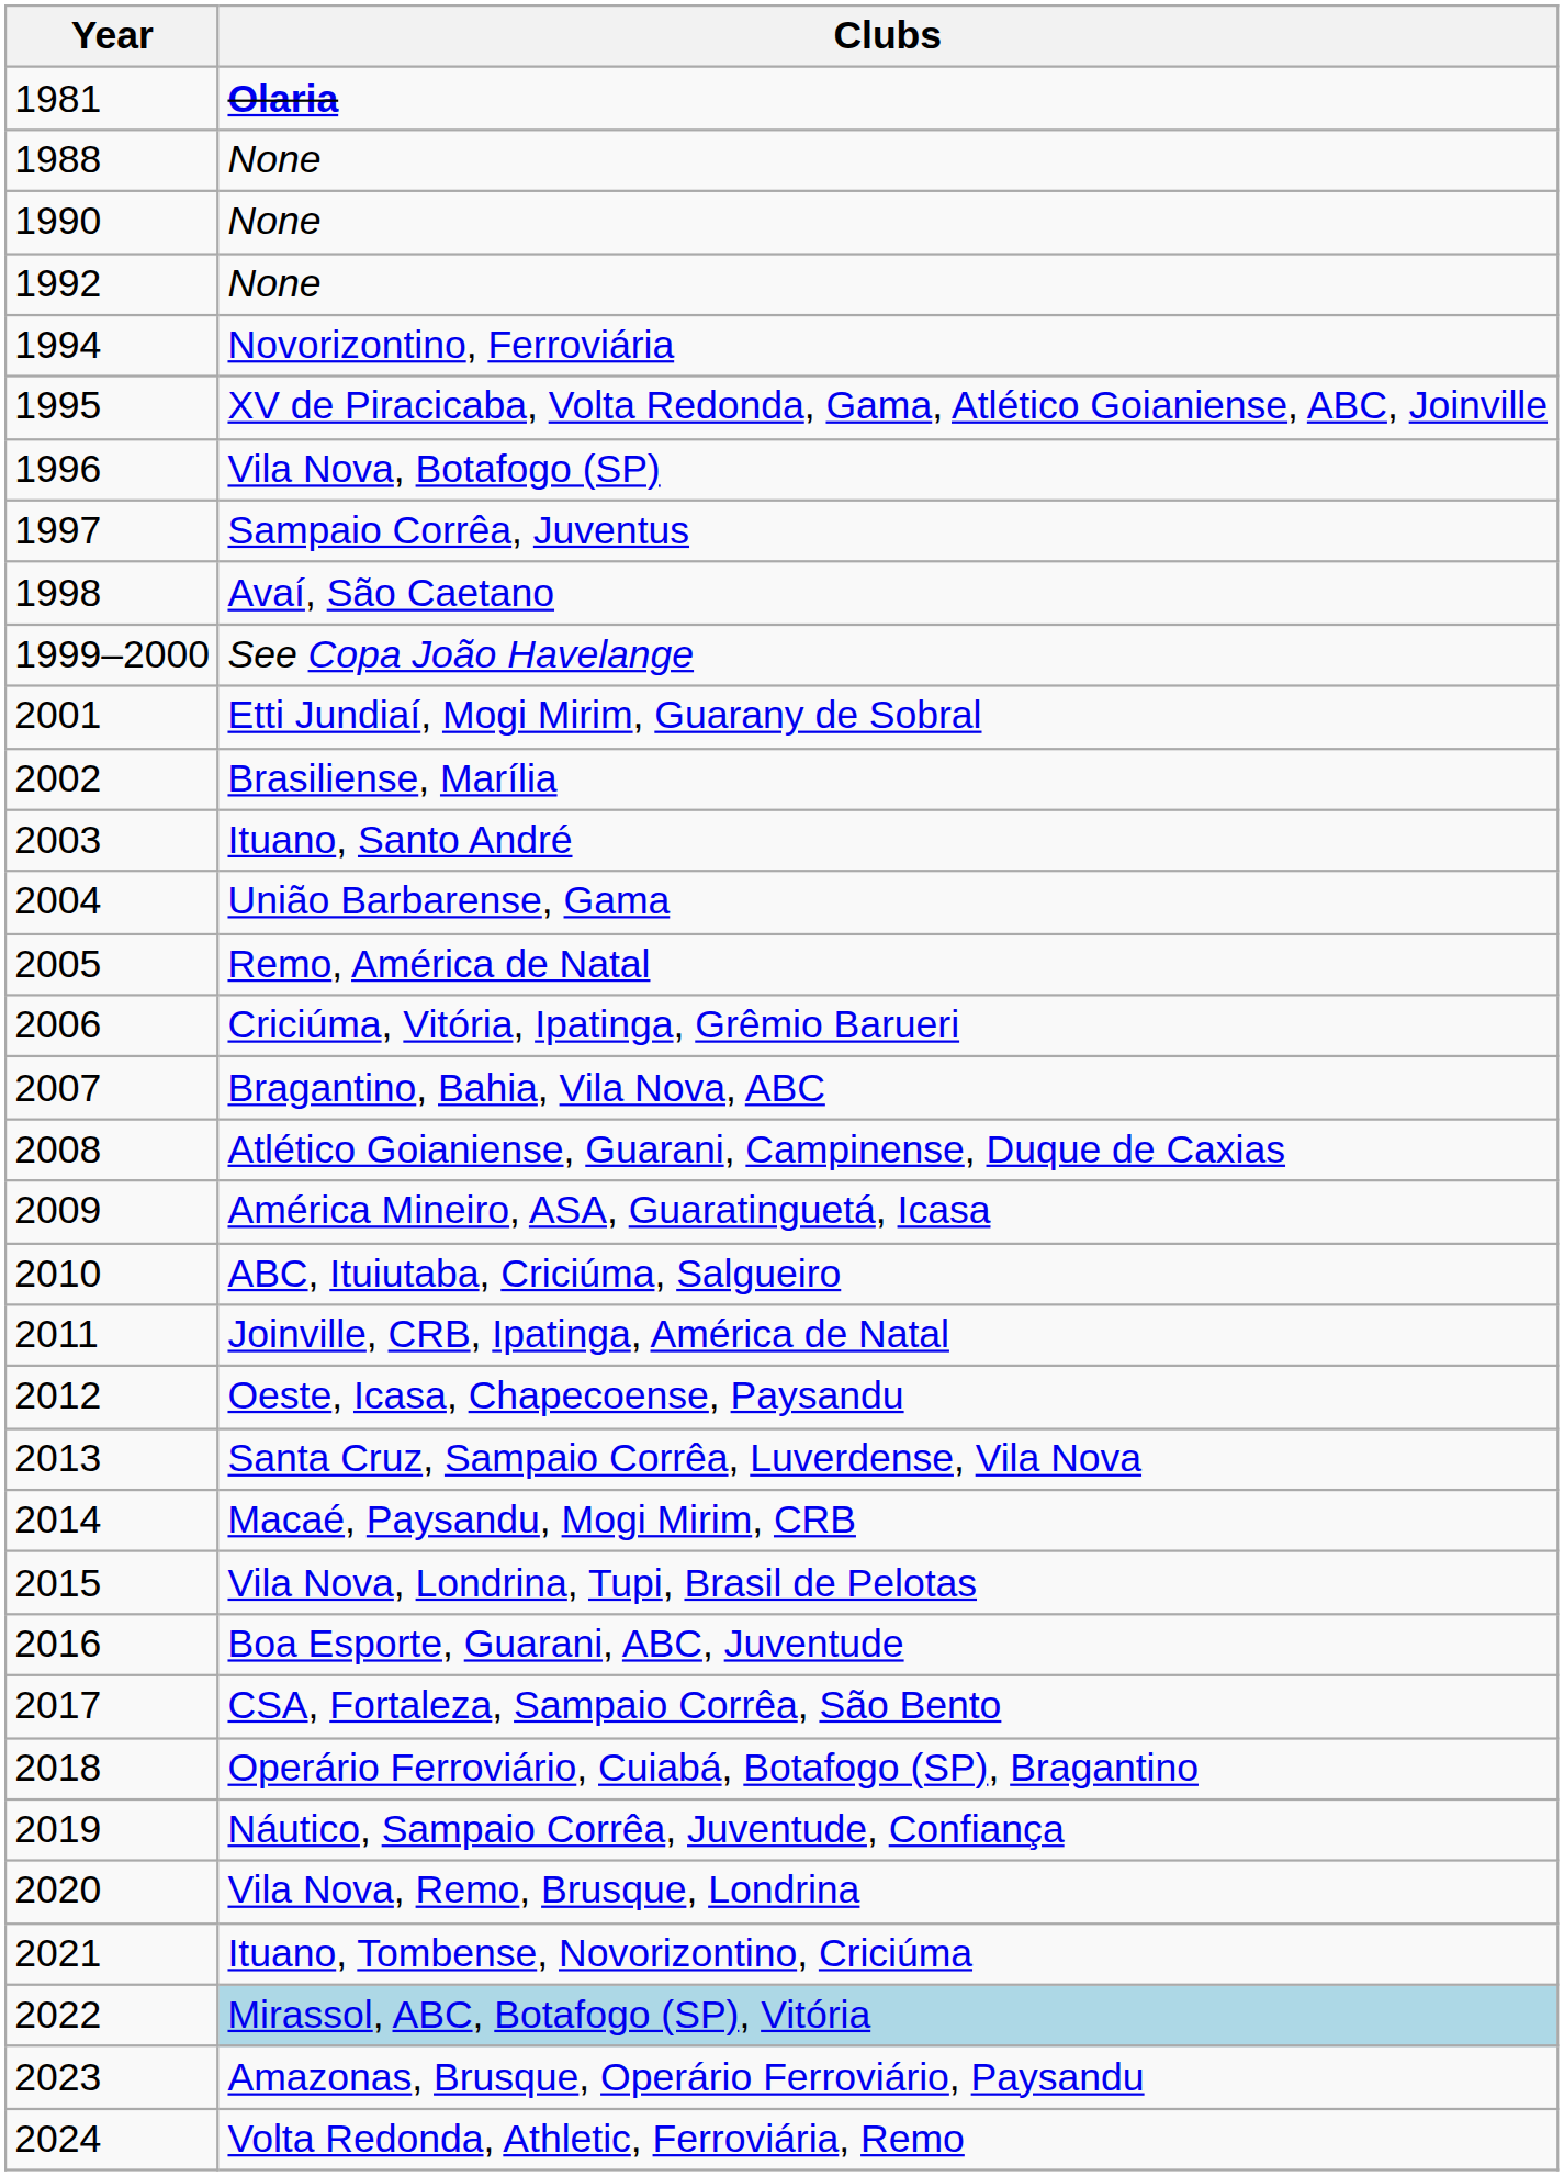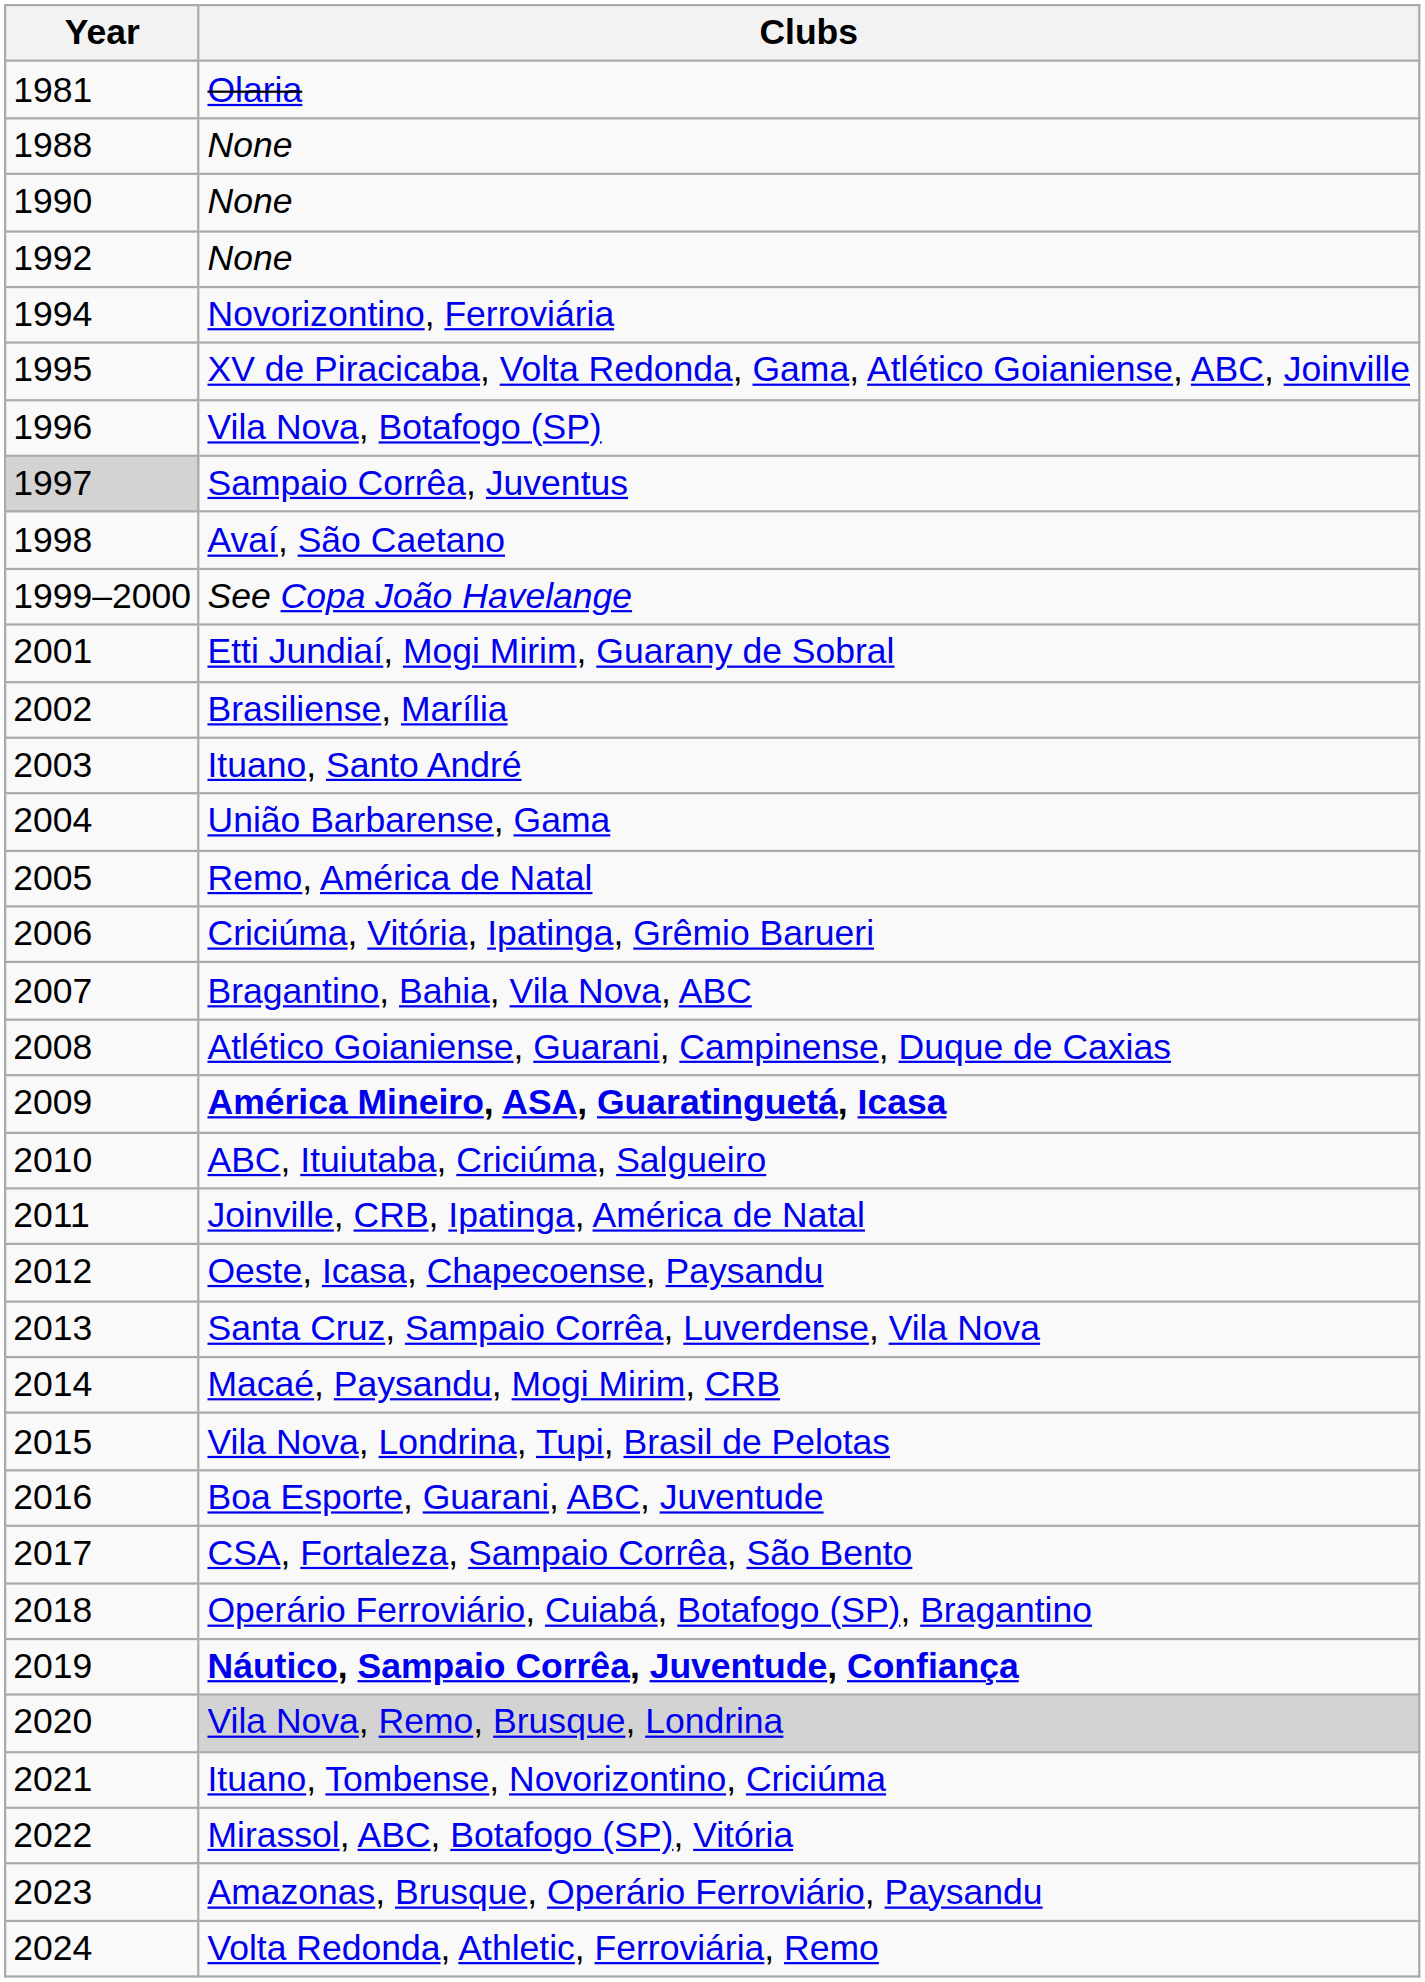 <table class="wikitable">
 <tr>
 <th>Year</th>
 <th>Clubs</th>
 </tr>
 <tr>
 <td>1981</td>
-<td><strong><s><a href='#'>Olaria</a></s></strong></td>
+<td><s><a href='#'>Olaria</a></s></td>
 </tr>
 <tr>
 <td>1988</td>
 <td><em>None</em></td>
 </tr>
 <tr>
 <td>1990</td>
 <td><em>None</em></td>
 </tr>
 <tr>
 <td>1992</td>
 <td><em>None</em></td>
 </tr>
 <tr>
 <td>1994</td>
 <td><a href='#'>Novorizontino</a>, <a href='#'>Ferroviária</a></td>
 </tr>
 <tr>
 <td>1995</td>
 <td><a href='#'>XV de Piracicaba</a>, <a href='#'>Volta Redonda</a>, <a href='#'>Gama</a>, <a href='#'>Atlético Goianiense</a>, <a href='#'>ABC</a>, <a href='#'>Joinville</a></td>
 </tr>
 <tr>
 <td>1996</td>
 <td><a href='#'>Vila Nova</a>, <a href='#'>Botafogo (SP)</a></td>
 </tr>
 <tr>
-<td>1997</td>
+<td style="background: lightgrey;">1997</td>
 <td><a href='#'>Sampaio Corrêa</a>, <a href='#'>Juventus</a></td>
 </tr>
 <tr>
 <td>1998</td>
 <td><a href='#'>Avaí</a>, <a href='#'>São Caetano</a></td>
 </tr>
 <tr>
 <td>1999–2000</td>
 <td><em>See <a href='#'>Copa João Havelange</a></em></td>
 </tr>
 <tr>
 <td>2001</td>
 <td><a href='#'>Etti Jundiaí</a>, <a href='#'>Mogi Mirim</a>, <a href='#'>Guarany de Sobral</a></td>
 </tr>
 <tr>
 <td>2002</td>
 <td><a href='#'>Brasiliense</a>, <a href='#'>Marília</a></td>
 </tr>
 <tr>
 <td>2003</td>
 <td><a href='#'>Ituano</a>, <a href='#'>Santo André</a></td>
 </tr>
 <tr>
 <td>2004</td>
 <td><a href='#'>União Barbarense</a>, <a href='#'>Gama</a></td>
 </tr>
 <tr>
 <td>2005</td>
 <td><a href='#'>Remo</a>, <a href='#'>América de Natal</a></td>
 </tr>
 <tr>
 <td>2006</td>
 <td><a href='#'>Criciúma</a>, <a href='#'>Vitória</a>, <a href='#'>Ipatinga</a>, <a href='#'>Grêmio Barueri</a></td>
 </tr>
 <tr>
 <td>2007</td>
 <td><a href='#'>Bragantino</a>, <a href='#'>Bahia</a>, <a href='#'>Vila Nova</a>, <a href='#'>ABC</a></td>
 </tr>
 <tr>
 <td>2008</td>
 <td><a href='#'>Atlético Goianiense</a>, <a href='#'>Guarani</a>, <a href='#'>Campinense</a>, <a href='#'>Duque de Caxias</a></td>
 </tr>
 <tr>
 <td>2009</td>
-<td><a href='#'>América Mineiro</a>, <a href='#'>ASA</a>, <a href='#'>Guaratinguetá</a>, <a href='#'>Icasa</a></td>
+<td><strong><a href='#'>América Mineiro</a>, <a href='#'>ASA</a>, <a href='#'>Guaratinguetá</a>, <a href='#'>Icasa</a></strong></td>
 </tr>
 <tr>
 <td>2010</td>
 <td><a href='#'>ABC</a>, <a href='#'>Ituiutaba</a>, <a href='#'>Criciúma</a>, <a href='#'>Salgueiro</a></td>
 </tr>
 <tr>
 <td>2011</td>
 <td><a href='#'>Joinville</a>, <a href='#'>CRB</a>, <a href='#'>Ipatinga</a>, <a href='#'>América de Natal</a></td>
 </tr>
 <tr>
 <td>2012</td>
 <td><a href='#'>Oeste</a>, <a href='#'>Icasa</a>, <a href='#'>Chapecoense</a>, <a href='#'>Paysandu</a></td>
 </tr>
 <tr>
 <td>2013</td>
 <td><a href='#'>Santa Cruz</a>, <a href='#'>Sampaio Corrêa</a>, <a href='#'>Luverdense</a>, <a href='#'>Vila Nova</a></td>
 </tr>
 <tr>
 <td>2014</td>
 <td><a href='#'>Macaé</a>, <a href='#'>Paysandu</a>, <a href='#'>Mogi Mirim</a>, <a href='#'>CRB</a></td>
 </tr>
 <tr>
 <td>2015</td>
 <td><a href='#'>Vila Nova</a>, <a href='#'>Londrina</a>, <a href='#'>Tupi</a>, <a href='#'>Brasil de Pelotas</a></td>
 </tr>
 <tr>
 <td>2016</td>
 <td><a href='#'>Boa Esporte</a>, <a href='#'>Guarani</a>, <a href='#'>ABC</a>, <a href='#'>Juventude</a></td>
 </tr>
 <tr>
 <td>2017</td>
 <td><a href='#'>CSA</a>, <a href='#'>Fortaleza</a>, <a href='#'>Sampaio Corrêa</a>, <a href='#'>São Bento</a></td>
 </tr>
 <tr>
 <td>2018</td>
 <td><a href='#'>Operário Ferroviário</a>, <a href='#'>Cuiabá</a>, <a href='#'>Botafogo (SP)</a>, <a href='#'>Bragantino</a></td>
 </tr>
 <tr>
 <td>2019</td>
-<td><a href='#'>Náutico</a>, <a href='#'>Sampaio Corrêa</a>, <a href='#'>Juventude</a>, <a href='#'>Confiança</a></td>
+<td><strong><a href='#'>Náutico</a>, <a href='#'>Sampaio Corrêa</a>, <a href='#'>Juventude</a>, <a href='#'>Confiança</a></strong></td>
 </tr>
 <tr>
 <td>2020</td>
-<td><a href='#'>Vila Nova</a>, <a href='#'>Remo</a>, <a href='#'>Brusque</a>, <a href='#'>Londrina</a></td>
+<td style="background: lightgrey;"><a href='#'>Vila Nova</a>, <a href='#'>Remo</a>, <a href='#'>Brusque</a>, <a href='#'>Londrina</a></td>
 </tr>
 <tr>
 <td>2021</td>
 <td><a href='#'>Ituano</a>, <a href='#'>Tombense</a>, <a href='#'>Novorizontino</a>, <a href='#'>Criciúma</a></td>
 </tr>
 <tr>
 <td>2022</td>
-<td style="background: lightblue;"><a href='#'>Mirassol</a>, <a href='#'>ABC</a>, <a href='#'>Botafogo (SP)</a>, <a href='#'>Vitória</a></td>
+<td><a href='#'>Mirassol</a>, <a href='#'>ABC</a>, <a href='#'>Botafogo (SP)</a>, <a href='#'>Vitória</a></td>
 </tr>
 <tr>
 <td>2023</td>
 <td><a href='#'>Amazonas</a>, <a href='#'>Brusque</a>, <a href='#'>Operário Ferroviário</a>, <a href='#'>Paysandu</a></td>
 </tr>
 <tr>
 <td>2024</td>
 <td><a href='#'>Volta Redonda</a>, <a href='#'>Athletic</a>, <a href='#'>Ferroviária</a>, <a href='#'>Remo</a></td>
 </tr>
 </table>
